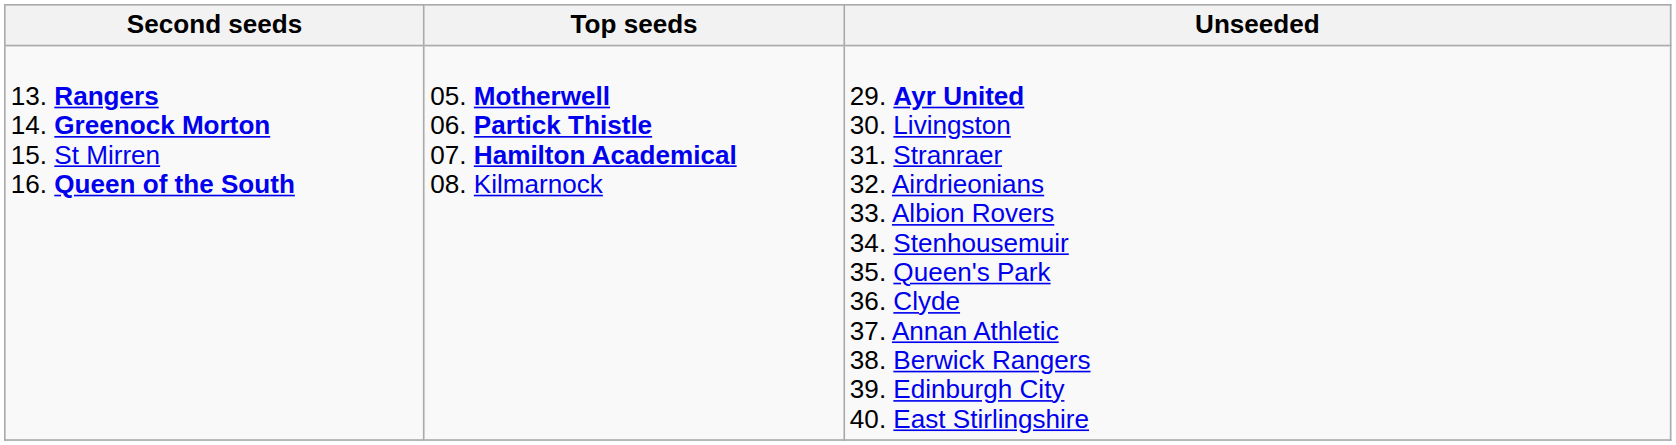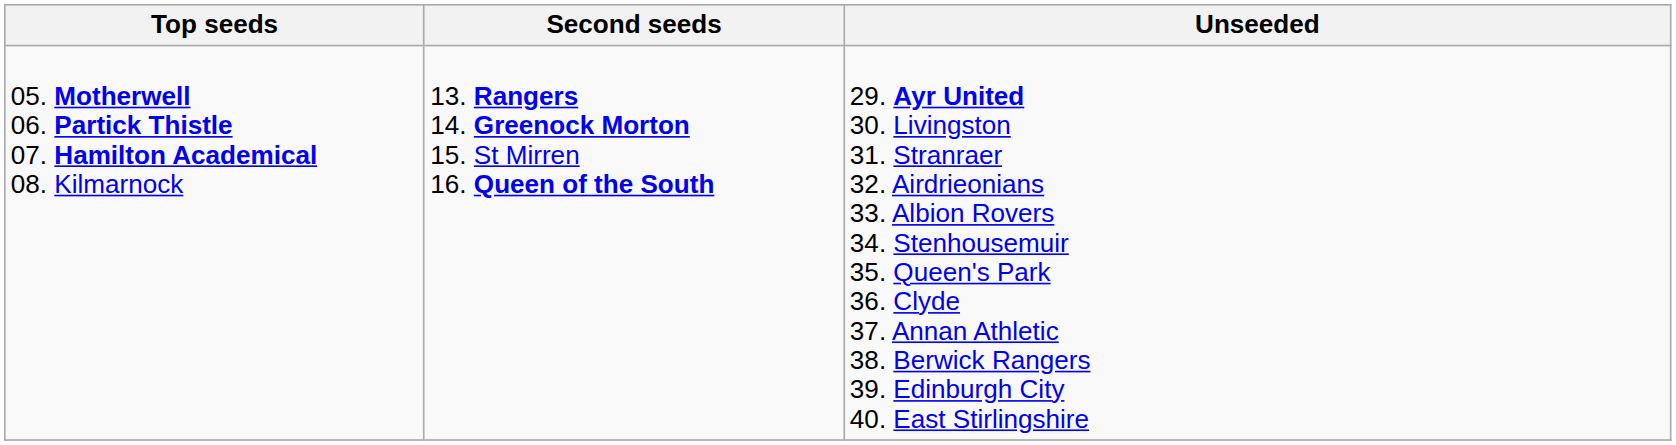 <table class="wikitable">
 <tr>
+<th style="width:250px;">Top seeds</th>
 <th style="width:250px;">Second seeds</th>
-<th style="width:250px;">Top seeds</th>
 <th style="width:500px;">Unseeded</th>
 </tr>
 <tr>
+<td valign=top><br>05. <strong><a href='#'>Motherwell</a></strong><br> 06. <strong><a href='#'>Partick Thistle</a></strong><br> 07. <strong><a href='#'>Hamilton Academical</a></strong><br> 08. <a href='#'>Kilmarnock</a><br></td>
 <td valign=top><br>13. <strong><a href='#'>Rangers</a></strong><br> 14. <strong><a href='#'>Greenock Morton</a></strong><br> 15. <a href='#'>St Mirren</a><br> 16. <strong><a href='#'>Queen of the South</a></strong><br></td>
-<td valign=top><br>05. <strong><a href='#'>Motherwell</a></strong><br> 06. <strong><a href='#'>Partick Thistle</a></strong><br> 07. <strong><a href='#'>Hamilton Academical</a></strong><br> 08. <a href='#'>Kilmarnock</a><br></td>
 <td valign=top><br>  29. <strong><a href='#'>Ayr United</a></strong><br> 30. <a href='#'>Livingston</a><br> 31. <a href='#'>Stranraer</a><br> 32. <a href='#'>Airdrieonians</a><br> 33. <a href='#'>Albion Rovers</a><br> 34. <a href='#'>Stenhousemuir</a><br>  35. <a href='#'>Queen's Park</a><br> 36. <a href='#'>Clyde</a><br> 37. <a href='#'>Annan Athletic</a><br> 38. <a href='#'>Berwick Rangers</a><br> 39. <a href='#'>Edinburgh City</a><br> 40. <a href='#'>East Stirlingshire</a><br> </td>
 </tr>
 </table>
